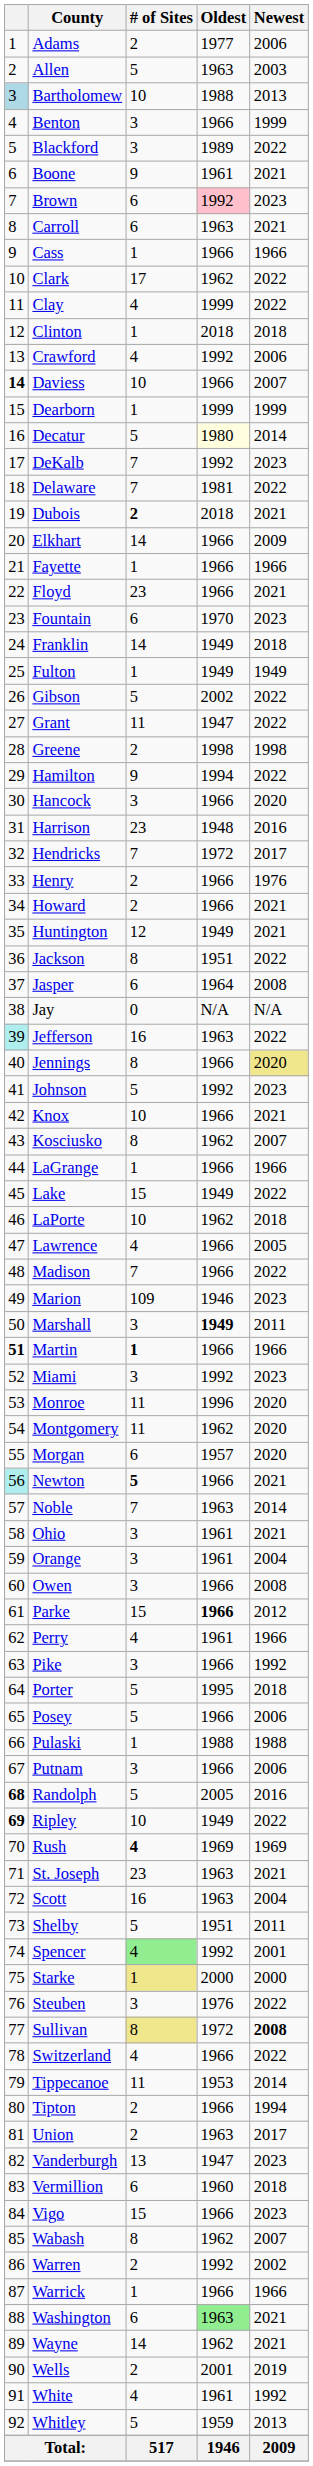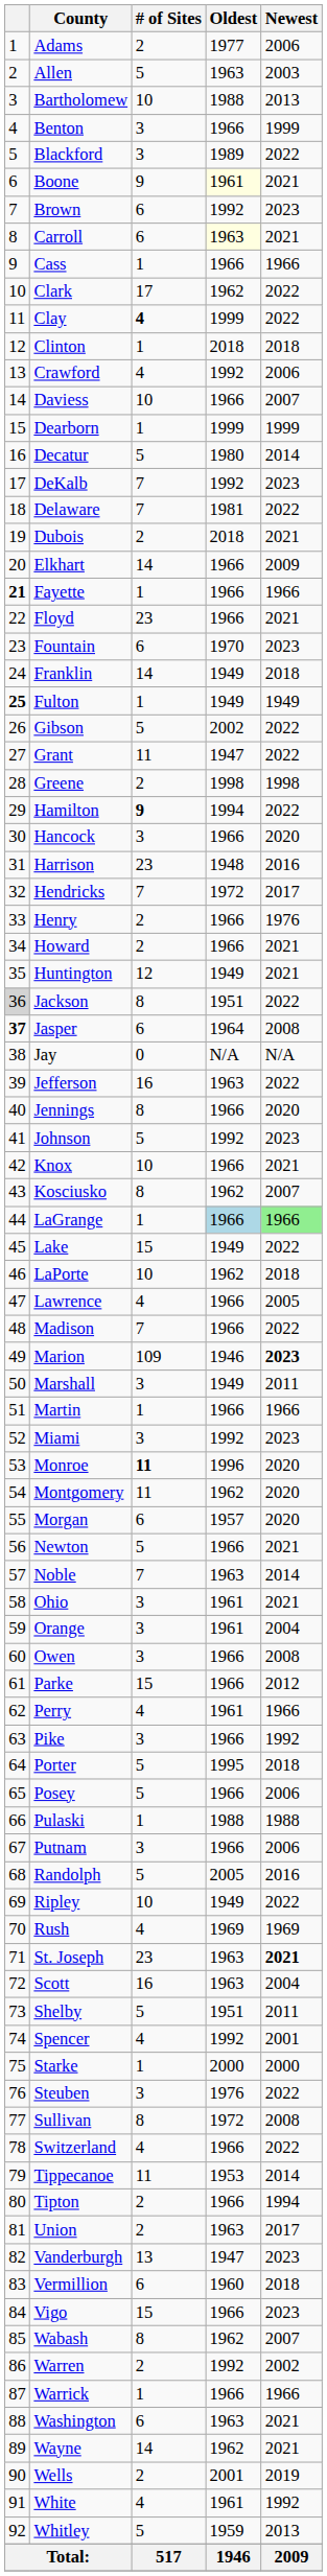 <table class="wikitable sortable">
 <tr>
 <th></th>
 <th><strong>County</strong></th>
 <th><strong># of Sites</strong></th>
 <th><strong>Oldest</strong></th>
 <th><strong>Newest</strong></th>
 </tr>
 <tr ->
 <td>1</td>
 <td><a href='#'>Adams</a></td>
 <td>2</td>
 <td>1977</td>
 <td>2006</td>
 </tr>
 <tr ->
 <td>2</td>
 <td><a href='#'>Allen</a></td>
 <td>5</td>
 <td>1963</td>
 <td>2003</td>
 </tr>
 <tr ->
-<td style="background: lightblue;">3</td>
+<td>3</td>
 <td><a href='#'>Bartholomew</a></td>
 <td>10</td>
 <td>1988</td>
 <td>2013</td>
 </tr>
 <tr ->
 <td>4</td>
 <td><a href='#'>Benton</a></td>
 <td>3</td>
 <td>1966</td>
 <td>1999</td>
 </tr>
 <tr ->
 <td>5</td>
 <td><a href='#'>Blackford</a></td>
 <td>3</td>
 <td>1989</td>
 <td>2022</td>
 </tr>
 <tr ->
 <td>6</td>
 <td><a href='#'>Boone</a></td>
 <td>9</td>
-<td>1961</td>
+<td style="background: lightyellow;">1961</td>
 <td>2021</td>
 </tr>
 <tr ->
 <td>7</td>
 <td><a href='#'>Brown</a></td>
 <td>6</td>
-<td style="background: pink;">1992</td>
+<td>1992</td>
 <td>2023</td>
 </tr>
 <tr ->
 <td>8</td>
 <td><a href='#'>Carroll</a></td>
 <td>6</td>
-<td>1963</td>
+<td style="background: lightyellow;">1963</td>
 <td>2021</td>
 </tr>
 <tr ->
 <td>9</td>
 <td><a href='#'>Cass</a></td>
 <td>1</td>
 <td>1966</td>
 <td>1966</td>
 </tr>
 <tr ->
 <td>10</td>
 <td><a href='#'>Clark</a></td>
 <td>17</td>
 <td>1962</td>
 <td>2022</td>
 </tr>
 <tr ->
 <td>11</td>
 <td><a href='#'>Clay</a></td>
-<td>4</td>
+<td><strong>4</strong></td>
 <td>1999</td>
 <td>2022</td>
 </tr>
 <tr ->
 <td>12</td>
 <td><a href='#'>Clinton</a></td>
 <td>1</td>
 <td>2018</td>
 <td>2018</td>
 </tr>
 <tr ->
 <td>13</td>
 <td><a href='#'>Crawford</a></td>
 <td>4</td>
 <td>1992</td>
 <td>2006</td>
 </tr>
 <tr ->
-<td><strong>14</strong></td>
+<td>14</td>
 <td><a href='#'>Daviess</a></td>
 <td>10</td>
 <td>1966</td>
 <td>2007</td>
 </tr>
 <tr ->
 <td>15</td>
 <td><a href='#'>Dearborn</a></td>
 <td>1</td>
 <td>1999</td>
 <td>1999</td>
 </tr>
 <tr ->
 <td>16</td>
 <td><a href='#'>Decatur</a></td>
 <td>5</td>
-<td style="background: lightyellow;">1980</td>
+<td>1980</td>
 <td>2014</td>
 </tr>
 <tr ->
 <td>17</td>
 <td><a href='#'>DeKalb</a></td>
 <td>7</td>
 <td>1992</td>
 <td>2023</td>
 </tr>
 <tr ->
 <td>18</td>
 <td><a href='#'>Delaware</a></td>
 <td>7</td>
 <td>1981</td>
 <td>2022</td>
 </tr>
 <tr ->
 <td>19</td>
 <td><a href='#'>Dubois</a></td>
-<td><strong>2</strong></td>
+<td>2</td>
 <td>2018</td>
 <td>2021</td>
 </tr>
 <tr ->
 <td>20</td>
 <td><a href='#'>Elkhart</a></td>
 <td>14</td>
 <td>1966</td>
 <td>2009</td>
 </tr>
 <tr ->
-<td>21</td>
+<td><strong>21</strong></td>
 <td><a href='#'>Fayette</a></td>
 <td>1</td>
 <td>1966</td>
 <td>1966</td>
 </tr>
 <tr ->
 <td>22</td>
 <td><a href='#'>Floyd</a></td>
 <td>23</td>
 <td>1966</td>
 <td>2021</td>
 </tr>
 <tr ->
 <td>23</td>
 <td><a href='#'>Fountain</a></td>
 <td>6</td>
 <td>1970</td>
 <td>2023</td>
 </tr>
 <tr ->
 <td>24</td>
 <td><a href='#'>Franklin</a></td>
 <td>14</td>
 <td>1949</td>
 <td>2018</td>
 </tr>
 <tr ->
-<td>25</td>
+<td><strong>25</strong></td>
 <td><a href='#'>Fulton</a></td>
 <td>1</td>
 <td>1949</td>
 <td>1949</td>
 </tr>
 <tr ->
 <td>26</td>
 <td><a href='#'>Gibson</a></td>
 <td>5</td>
 <td>2002</td>
 <td>2022</td>
 </tr>
 <tr ->
 <td>27</td>
 <td><a href='#'>Grant</a></td>
 <td>11</td>
 <td>1947</td>
 <td>2022</td>
 </tr>
 <tr ->
 <td>28</td>
 <td><a href='#'>Greene</a></td>
 <td>2</td>
 <td>1998</td>
 <td>1998</td>
 </tr>
 <tr ->
 <td>29</td>
 <td><a href='#'>Hamilton</a></td>
-<td>9</td>
+<td><strong>9</strong></td>
 <td>1994</td>
 <td>2022</td>
 </tr>
 <tr ->
 <td>30</td>
 <td><a href='#'>Hancock</a></td>
 <td>3</td>
 <td>1966</td>
 <td>2020</td>
 </tr>
 <tr ->
 <td>31</td>
 <td><a href='#'>Harrison</a></td>
 <td>23</td>
 <td>1948</td>
 <td>2016</td>
 </tr>
 <tr ->
 <td>32</td>
 <td><a href='#'>Hendricks</a></td>
 <td>7</td>
 <td>1972</td>
 <td>2017</td>
 </tr>
 <tr ->
 <td>33</td>
 <td><a href='#'>Henry</a></td>
 <td>2</td>
 <td>1966</td>
 <td>1976</td>
 </tr>
 <tr ->
 <td>34</td>
 <td><a href='#'>Howard</a></td>
 <td>2</td>
 <td>1966</td>
 <td>2021</td>
 </tr>
 <tr ->
 <td>35</td>
 <td><a href='#'>Huntington</a></td>
 <td>12</td>
 <td>1949</td>
 <td>2021</td>
 </tr>
 <tr ->
-<td>36</td>
+<td style="background: lightgrey;">36</td>
 <td><a href='#'>Jackson</a></td>
 <td>8</td>
 <td>1951</td>
 <td>2022</td>
 </tr>
 <tr ->
-<td>37</td>
+<td><strong>37</strong></td>
 <td><a href='#'>Jasper</a></td>
 <td>6</td>
 <td>1964</td>
 <td>2008</td>
 </tr>
 <tr ->
 <td>38</td>
 <td>Jay</td>
 <td>0</td>
 <td>N/A</td>
 <td>N/A</td>
 </tr>
 <tr ->
-<td style="background: paleturquoise;">39</td>
+<td>39</td>
 <td><a href='#'>Jefferson</a></td>
 <td>16</td>
 <td>1963</td>
 <td>2022</td>
 </tr>
 <tr ->
 <td>40</td>
 <td><a href='#'>Jennings</a></td>
 <td>8</td>
 <td>1966</td>
-<td style="background: khaki;">2020</td>
+<td>2020</td>
 </tr>
 <tr ->
 <td>41</td>
 <td><a href='#'>Johnson</a></td>
 <td>5</td>
 <td>1992</td>
 <td>2023</td>
 </tr>
 <tr ->
 <td>42</td>
 <td><a href='#'>Knox</a></td>
 <td>10</td>
 <td>1966</td>
 <td>2021</td>
 </tr>
 <tr ->
 <td>43</td>
 <td><a href='#'>Kosciusko</a></td>
 <td>8</td>
 <td>1962</td>
 <td>2007</td>
 </tr>
 <tr ->
 <td>44</td>
 <td><a href='#'>LaGrange</a></td>
 <td>1</td>
-<td>1966</td>
-<td>1966</td>
+<td style="background: lightblue;">1966</td>
+<td style="background: lightgreen;">1966</td>
 </tr>
 <tr ->
 <td>45</td>
 <td><a href='#'>Lake</a></td>
 <td>15</td>
 <td>1949</td>
 <td>2022</td>
 </tr>
 <tr ->
 <td>46</td>
 <td><a href='#'>LaPorte</a></td>
 <td>10</td>
 <td>1962</td>
 <td>2018</td>
 </tr>
 <tr ->
 <td>47</td>
 <td><a href='#'>Lawrence</a></td>
 <td>4</td>
 <td>1966</td>
 <td>2005</td>
 </tr>
 <tr ->
 <td>48</td>
 <td><a href='#'>Madison</a></td>
 <td>7</td>
 <td>1966</td>
 <td>2022</td>
 </tr>
 <tr ->
 <td>49</td>
 <td><a href='#'>Marion</a></td>
 <td>109</td>
 <td>1946</td>
-<td>2023</td>
+<td><strong>2023</strong></td>
 </tr>
 <tr ->
 <td>50</td>
 <td><a href='#'>Marshall</a></td>
 <td>3</td>
-<td><strong>1949</strong></td>
+<td>1949</td>
 <td>2011</td>
 </tr>
 <tr ->
-<td><strong>51</strong></td>
+<td>51</td>
 <td><a href='#'>Martin</a></td>
-<td><strong>1</strong></td>
+<td>1</td>
 <td>1966</td>
 <td>1966</td>
 </tr>
 <tr ->
 <td>52</td>
 <td><a href='#'>Miami</a></td>
 <td>3</td>
 <td>1992</td>
 <td>2023</td>
 </tr>
 <tr ->
 <td>53</td>
 <td><a href='#'>Monroe</a></td>
-<td>11</td>
+<td><strong>11</strong></td>
 <td>1996</td>
 <td>2020</td>
 </tr>
 <tr ->
 <td>54</td>
 <td><a href='#'>Montgomery</a></td>
 <td>11</td>
 <td>1962</td>
 <td>2020</td>
 </tr>
 <tr ->
 <td>55</td>
 <td><a href='#'>Morgan</a></td>
 <td>6</td>
 <td>1957</td>
 <td>2020</td>
 </tr>
 <tr ->
-<td style="background: paleturquoise;">56</td>
+<td>56</td>
 <td><a href='#'>Newton</a></td>
-<td><strong>5</strong></td>
+<td>5</td>
 <td>1966</td>
 <td>2021</td>
 </tr>
 <tr ->
 <td>57</td>
 <td><a href='#'>Noble</a></td>
 <td>7</td>
 <td>1963</td>
 <td>2014</td>
 </tr>
 <tr ->
 <td>58</td>
 <td><a href='#'>Ohio</a></td>
 <td>3</td>
 <td>1961</td>
 <td>2021</td>
 </tr>
 <tr ->
 <td>59</td>
 <td><a href='#'>Orange</a></td>
 <td>3</td>
 <td>1961</td>
 <td>2004</td>
 </tr>
 <tr ->
 <td>60</td>
 <td><a href='#'>Owen</a></td>
 <td>3</td>
 <td>1966</td>
 <td>2008</td>
 </tr>
 <tr ->
 <td>61</td>
 <td><a href='#'>Parke</a></td>
 <td>15</td>
-<td><strong>1966</strong></td>
+<td>1966</td>
 <td>2012</td>
 </tr>
 <tr ->
 <td>62</td>
 <td><a href='#'>Perry</a></td>
 <td>4</td>
 <td>1961</td>
 <td>1966</td>
 </tr>
 <tr ->
 <td>63</td>
 <td><a href='#'>Pike</a></td>
 <td>3</td>
 <td>1966</td>
 <td>1992</td>
 </tr>
 <tr ->
 <td>64</td>
 <td><a href='#'>Porter</a></td>
 <td>5</td>
 <td>1995</td>
 <td>2018</td>
 </tr>
 <tr ->
 <td>65</td>
 <td><a href='#'>Posey</a></td>
 <td>5</td>
 <td>1966</td>
 <td>2006</td>
 </tr>
 <tr ->
 <td>66</td>
 <td><a href='#'>Pulaski</a></td>
 <td>1</td>
 <td>1988</td>
 <td>1988</td>
 </tr>
 <tr ->
 <td>67</td>
 <td><a href='#'>Putnam</a></td>
 <td>3</td>
 <td>1966</td>
 <td>2006</td>
 </tr>
 <tr ->
-<td><strong>68</strong></td>
+<td>68</td>
 <td><a href='#'>Randolph</a></td>
 <td>5</td>
 <td>2005</td>
 <td>2016</td>
 </tr>
 <tr ->
-<td><strong>69</strong></td>
+<td>69</td>
 <td><a href='#'>Ripley</a></td>
 <td>10</td>
 <td>1949</td>
 <td>2022</td>
 </tr>
 <tr ->
 <td>70</td>
 <td><a href='#'>Rush</a></td>
-<td><strong>4</strong></td>
+<td>4</td>
 <td>1969</td>
 <td>1969</td>
 </tr>
 <tr ->
 <td>71</td>
 <td><a href='#'>St. Joseph</a></td>
 <td>23</td>
 <td>1963</td>
-<td>2021</td>
+<td><strong>2021</strong></td>
 </tr>
 <tr ->
 <td>72</td>
 <td><a href='#'>Scott</a></td>
 <td>16</td>
 <td>1963</td>
 <td>2004</td>
 </tr>
 <tr ->
 <td>73</td>
 <td><a href='#'>Shelby</a></td>
 <td>5</td>
 <td>1951</td>
 <td>2011</td>
 </tr>
 <tr ->
 <td>74</td>
 <td><a href='#'>Spencer</a></td>
-<td style="background: lightgreen;">4</td>
+<td>4</td>
 <td>1992</td>
 <td>2001</td>
 </tr>
 <tr ->
 <td>75</td>
 <td><a href='#'>Starke</a></td>
-<td style="background: khaki;">1</td>
+<td>1</td>
 <td>2000</td>
 <td>2000</td>
 </tr>
 <tr ->
 <td>76</td>
 <td><a href='#'>Steuben</a></td>
 <td>3</td>
 <td>1976</td>
 <td>2022</td>
 </tr>
 <tr ->
 <td>77</td>
 <td><a href='#'>Sullivan</a></td>
-<td style="background: khaki;">8</td>
+<td>8</td>
 <td>1972</td>
-<td><strong>2008</strong></td>
+<td>2008</td>
 </tr>
 <tr ->
 <td>78</td>
 <td><a href='#'>Switzerland</a></td>
 <td>4</td>
 <td>1966</td>
 <td>2022</td>
 </tr>
 <tr ->
 <td>79</td>
 <td><a href='#'>Tippecanoe</a></td>
 <td>11</td>
 <td>1953</td>
 <td>2014</td>
 </tr>
 <tr ->
 <td>80</td>
 <td><a href='#'>Tipton</a></td>
 <td>2</td>
 <td>1966</td>
 <td>1994</td>
 </tr>
 <tr ->
 <td>81</td>
 <td><a href='#'>Union</a></td>
 <td>2</td>
 <td>1963</td>
 <td>2017</td>
 </tr>
 <tr ->
 <td>82</td>
 <td><a href='#'>Vanderburgh</a></td>
 <td>13</td>
 <td>1947</td>
 <td>2023</td>
 </tr>
 <tr ->
 <td>83</td>
 <td><a href='#'>Vermillion</a></td>
 <td>6</td>
 <td>1960</td>
 <td>2018</td>
 </tr>
 <tr ->
 <td>84</td>
 <td><a href='#'>Vigo</a></td>
 <td>15</td>
 <td>1966</td>
 <td>2023</td>
 </tr>
 <tr ->
 <td>85</td>
 <td><a href='#'>Wabash</a></td>
 <td>8</td>
 <td>1962</td>
 <td>2007</td>
 </tr>
 <tr ->
 <td>86</td>
 <td><a href='#'>Warren</a></td>
 <td>2</td>
 <td>1992</td>
 <td>2002</td>
 </tr>
 <tr ->
 <td>87</td>
 <td><a href='#'>Warrick</a></td>
 <td>1</td>
 <td>1966</td>
 <td>1966</td>
 </tr>
 <tr ->
 <td>88</td>
 <td><a href='#'>Washington</a></td>
 <td>6</td>
-<td style="background: lightgreen;">1963</td>
+<td>1963</td>
 <td>2021</td>
 </tr>
 <tr ->
 <td>89</td>
 <td><a href='#'>Wayne</a></td>
 <td>14</td>
 <td>1962</td>
 <td>2021</td>
 </tr>
 <tr ->
 <td>90</td>
 <td><a href='#'>Wells</a></td>
 <td>2</td>
 <td>2001</td>
 <td>2019</td>
 </tr>
 <tr ->
 <td>91</td>
 <td><a href='#'>White</a></td>
 <td>4</td>
 <td>1961</td>
 <td>1992</td>
 </tr>
 <tr ->
 <td>92</td>
 <td><a href='#'>Whitley</a></td>
 <td>5</td>
 <td>1959</td>
 <td>2013</td>
 </tr>
 <tr ->
 </tr>
 <tr class="sortbottom">
 <th colspan="2">Total:</th>
 <th>517</th>
 <th>1946</th>
 <th>2009</th>
 </tr>
 <tr ->
 </tr>
 </table>
